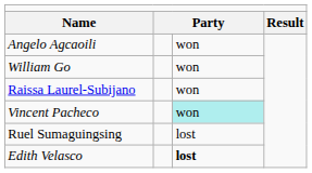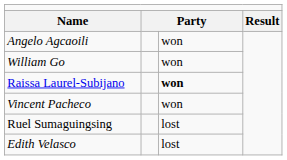 <table class=wikitable style="font-size:90%">
 <tr>
 <td colspan=4 bgcolor=></td>
 </tr>
 <tr>
 <th width=150px>Name</th>
 <th colspan=2 width=110px>Party</th>
 <th>Result</th>
 </tr>
 <tr>
 <td><em>Angelo Agcaoili</em></td>
 <td></td>
 <td>won</td>
 </tr>
 <tr>
 <td><em>William Go</em></td>
 <td></td>
 <td>won</td>
 </tr>
 <tr>
 <td><a href='#'>Raissa Laurel-Subijano</a></td>
 <td></td>
-<td>won</td>
+<td><strong>won</strong></td>
 </tr>
 <tr>
 <td><em>Vincent Pacheco</em></td>
 <td></td>
-<td style="background: paleturquoise;">won</td>
+<td>won</td>
 </tr>
 <tr>
 <td>Ruel Sumaguingsing</td>
 <td></td>
 <td>lost</td>
 </tr>
 <tr>
 <td><em>Edith Velasco</em></td>
 <td></td>
-<td><strong>lost</strong></td>
+<td>lost</td>
 </tr>
 </table>
